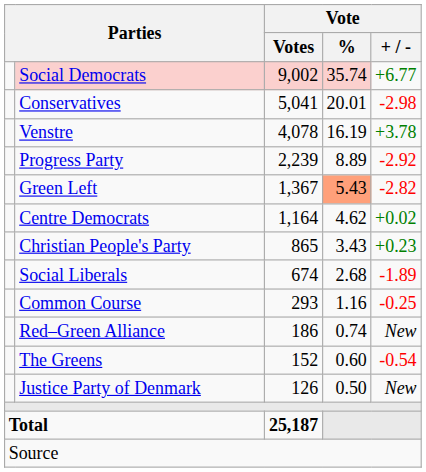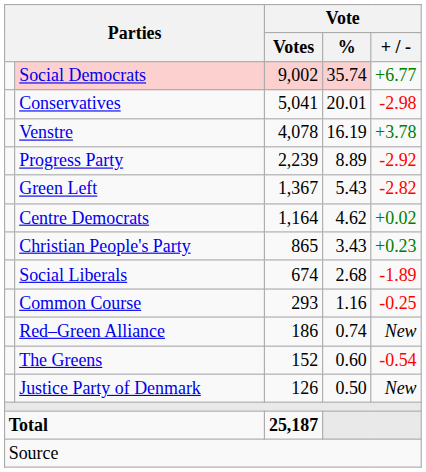 <table class="wikitable" style="text-align:right;">
 <tr>
 <th style="text-align:centre;" rowspan="2" colspan="2" width="225">Parties</th>
 <th colspan="3">Vote</th>
 </tr>
 <tr>
 <th width="15">Votes</th>
 <th width="15">%</th>
 <th width="15">+ / -</th>
 </tr>
 <tr>
 <td width="2" style="color:inherit;background:"></td>
 <td bgcolor=#fbd0ce  align="left"><a href='#'>Social Democrats</a></td>
 <td bgcolor=#fbd0ce>9,002</td>
 <td bgcolor=#fbd0ce>35.74</td>
 <td style=color:green;>+6.77</td>
 </tr>
 <tr>
 <td width="2" style="color:inherit;background:"></td>
 <td align="left"><a href='#'>Conservatives</a></td>
 <td>5,041</td>
 <td>20.01</td>
 <td style=color:red;>-2.98</td>
 </tr>
 <tr>
 <td width="2" style="color:inherit;background:"></td>
 <td align="left"><a href='#'>Venstre</a></td>
 <td>4,078</td>
 <td>16.19</td>
 <td style=color:green;>+3.78</td>
 </tr>
 <tr>
 <td width="2" style="color:inherit;background:"></td>
 <td align="left"><a href='#'>Progress Party</a></td>
 <td>2,239</td>
 <td>8.89</td>
 <td style=color:red;>-2.92</td>
 </tr>
 <tr>
 <td width="2" style="color:inherit;background:"></td>
 <td align="left"><a href='#'>Green Left</a></td>
 <td>1,367</td>
-<td style="background: lightsalmon;">5.43</td>
+<td>5.43</td>
 <td style=color:red;>-2.82</td>
 </tr>
 <tr>
 <td width="2" style="color:inherit;background:"></td>
 <td align="left"><a href='#'>Centre Democrats</a></td>
 <td>1,164</td>
 <td>4.62</td>
 <td style=color:green;>+0.02</td>
 </tr>
 <tr>
 <td width="2" style="color:inherit;background:"></td>
 <td align="left"><a href='#'>Christian People's Party</a></td>
 <td>865</td>
 <td>3.43</td>
 <td style=color:green;>+0.23</td>
 </tr>
 <tr>
 <td width="2" style="color:inherit;background:"></td>
 <td align="left"><a href='#'>Social Liberals</a></td>
 <td>674</td>
 <td>2.68</td>
 <td style=color:red;>-1.89</td>
 </tr>
 <tr>
 <td width="2" style="color:inherit;background:"></td>
 <td align="left"><a href='#'>Common Course</a></td>
 <td>293</td>
 <td>1.16</td>
 <td style=color:red;>-0.25</td>
 </tr>
 <tr>
 <td width="2" style="color:inherit;background:"></td>
 <td align="left"><a href='#'>Red–Green Alliance</a></td>
 <td>186</td>
 <td>0.74</td>
 <td><em>New</em></td>
 </tr>
 <tr>
 <td width="2" style="color:inherit;background:"></td>
 <td align="left"><a href='#'>The Greens</a></td>
 <td>152</td>
 <td>0.60</td>
 <td style=color:red;>-0.54</td>
 </tr>
 <tr>
 <td width="2" style="color:inherit;background:"></td>
 <td align="left"><a href='#'>Justice Party of Denmark</a></td>
 <td>126</td>
 <td>0.50</td>
 <td><em>New</em></td>
 </tr>
 <tr>
 <td colspan="7" bgcolor="#E9E9E9"></td>
 </tr>
 <tr>
 <td align="left" colspan="2"><strong>Total</strong></td>
 <td><strong>25,187</strong></td>
 <td bgcolor="#E9E9E9" colspan="2"></td>
 </tr>
 <tr>
 <td align="left" colspan="6">Source</td>
 </tr>
 </table>
